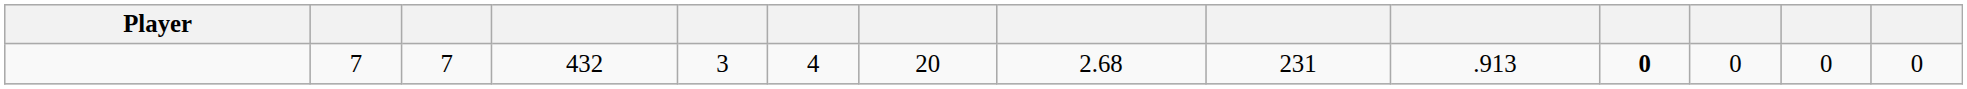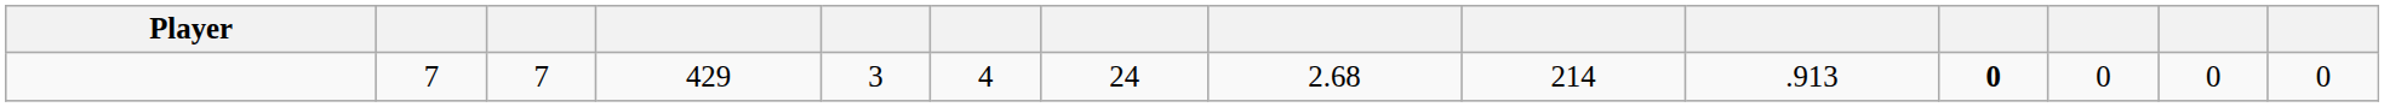 <table class="wikitable sortable" style="width:100%; text-align:center;">
 <tr>
 <th>Player</th>
 <th></th>
 <th></th>
 <th></th>
 <th></th>
 <th></th>
 <th></th>
 <th></th>
 <th></th>
 <th></th>
 <th></th>
 <th></th>
 <th></th>
 <th></th>
 </tr>
 <tr>
 <td></td>
 <td>7</td>
 <td>7</td>
-<td>432</td>
+<td>429</td>
 <td>3</td>
 <td>4</td>
-<td>20</td>
+<td>24</td>
 <td>2.68</td>
-<td>231</td>
+<td>214</td>
 <td>.913</td>
 <td><strong>0</strong></td>
 <td>0</td>
 <td>0</td>
 <td>0</td>
 </tr>
 </table>
